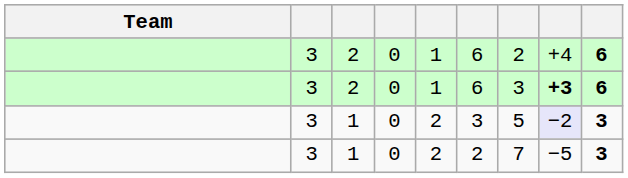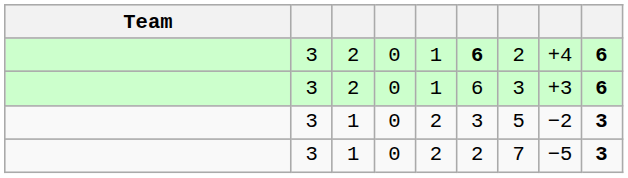 <table class="wikitable" style="text-align:center;">
 <tr>
 <th width=175>Team</th>
 <th width=20></th>
 <th width=20></th>
 <th width=20></th>
 <th width=20></th>
 <th width=20></th>
 <th width=20></th>
 <th width=20></th>
 <th width=20></th>
 </tr>
 <tr bgcolor=ccffcc>
 <td align="left"></td>
 <td>3</td>
 <td>2</td>
 <td>0</td>
 <td>1</td>
-<td>6</td>
+<td><strong>6</strong></td>
 <td>2</td>
 <td>+4</td>
 <td><strong>6</strong></td>
 </tr>
 <tr bgcolor=ccffcc>
 <td align="left"></td>
 <td>3</td>
 <td>2</td>
 <td>0</td>
 <td>1</td>
 <td>6</td>
 <td>3</td>
-<td><strong>+3</strong></td>
+<td>+3</td>
 <td><strong>6</strong></td>
 </tr>
 <tr>
 <td align="left"></td>
 <td>3</td>
 <td>1</td>
 <td>0</td>
 <td>2</td>
 <td>3</td>
 <td>5</td>
-<td style="background: lavender;">−2</td>
+<td>−2</td>
 <td><strong>3</strong></td>
 </tr>
 <tr>
 <td align="left"></td>
 <td>3</td>
 <td>1</td>
 <td>0</td>
 <td>2</td>
 <td>2</td>
 <td>7</td>
 <td>−5</td>
 <td><strong>3</strong></td>
 </tr>
 </table>
